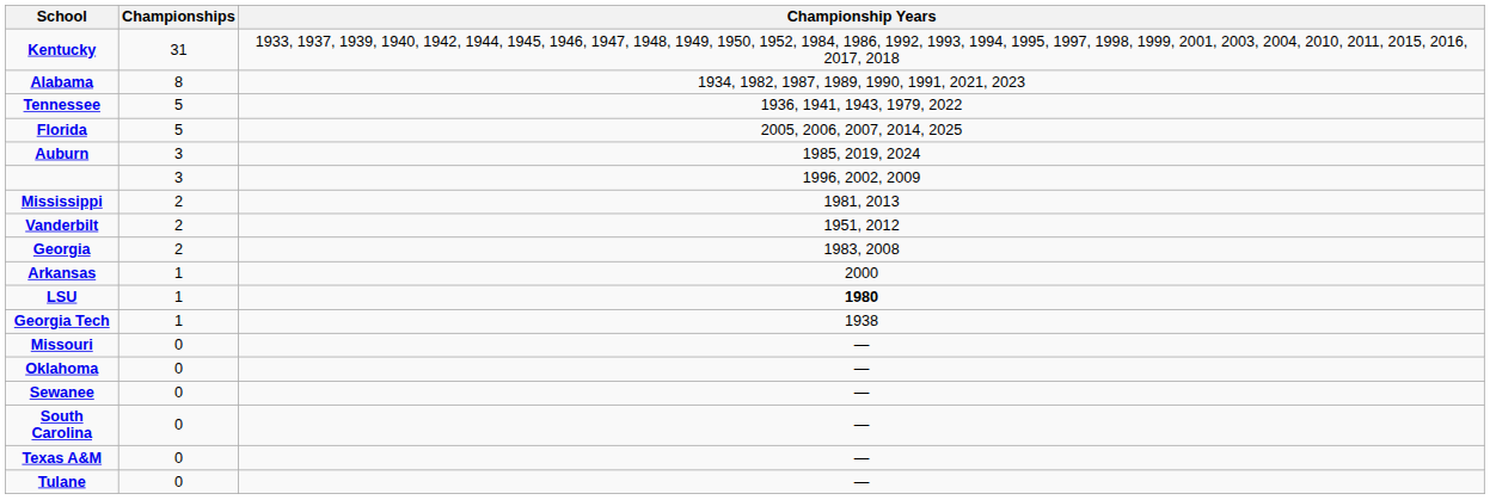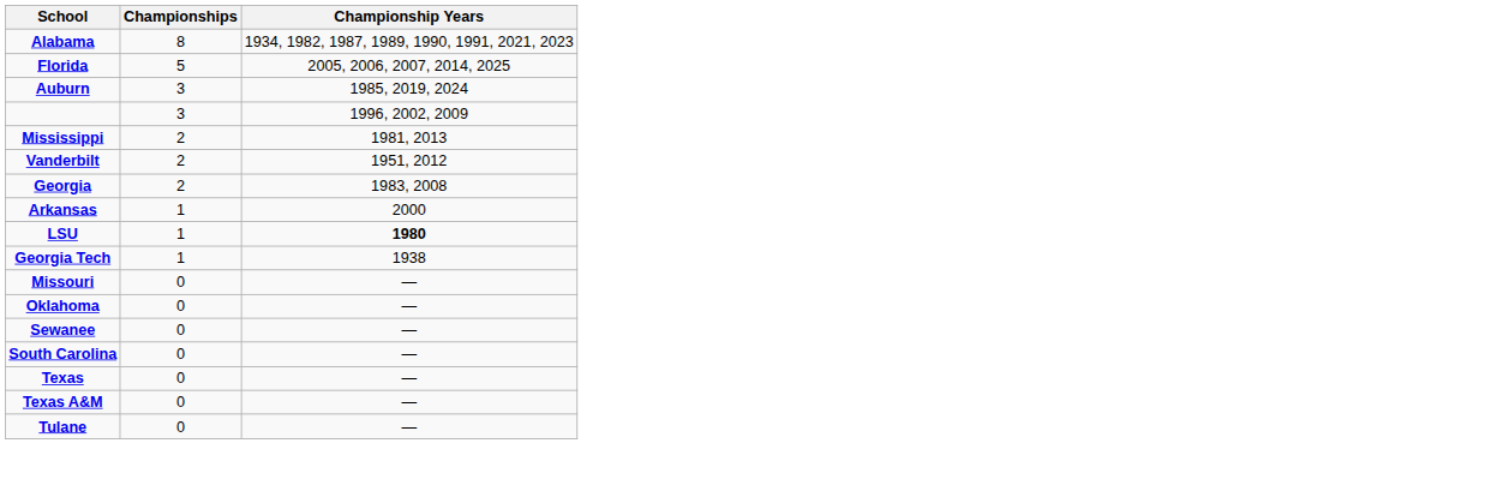 <table class="wikitable sortable" style="text-align:center">
 <tr>
 <th width=px>School</th>
 <th width=px>Championships</th>
 <th width=px>Championship Years</th>
 </tr>
 <tr>
-<td><a href='#'><strong>Kentucky</strong></a></td>
-<td>31</td>
-<td>1933, 1937, 1939, 1940, 1942, 1944, 1945, 1946, 1947, 1948, 1949, 1950, 1952, 1984, 1986, 1992, 1993, 1994, 1995, 1997, 1998, 1999, 2001, 2003, 2004, 2010, 2011, 2015, 2016, 2017, 2018</td>
-</tr>
-<tr>
 <td><a href='#'><strong>Alabama</strong></a></td>
 <td>8</td>
 <td>1934, 1982, 1987, 1989, 1990, 1991, 2021, 2023</td>
-</tr>
-<tr>
-<td><a href='#'><strong>Tennessee</strong></a></td>
-<td>5</td>
-<td>1936, 1941, 1943, 1979, 2022</td>
 </tr>
 <tr>
 <td><a href='#'><strong>Florida</strong></a></td>
 <td>5</td>
 <td>2005, 2006, 2007, 2014, 2025</td>
 </tr>
 <tr>
 <td><a href='#'><strong>Auburn</strong></a></td>
 <td>3</td>
 <td>1985, 2019, 2024</td>
 </tr>
 <tr>
 <td><strong></strong></td>
 <td>3</td>
 <td>1996, 2002, 2009</td>
 </tr>
 <tr>
 <td><a href='#'><strong>Mississippi</strong></a></td>
 <td>2</td>
 <td>1981, 2013</td>
 </tr>
 <tr>
 <td><a href='#'><strong>Vanderbilt</strong></a></td>
 <td>2</td>
 <td>1951, 2012</td>
 </tr>
 <tr>
 <td><a href='#'><strong>Georgia</strong></a></td>
 <td>2</td>
 <td>1983, 2008</td>
 </tr>
 <tr>
 <td><a href='#'><strong>Arkansas</strong></a></td>
 <td>1</td>
 <td>2000</td>
 </tr>
 <tr>
 <td><a href='#'><strong>LSU</strong></a></td>
 <td>1</td>
 <td><strong>1980</strong></td>
 </tr>
 <tr>
 <td><strong><a href='#'>Georgia Tech</a></strong></td>
 <td>1</td>
 <td>1938</td>
 </tr>
 <tr>
 <td><a href='#'><strong>Missouri</strong></a></td>
 <td>0</td>
 <td>—</td>
 </tr>
 <tr>
 <td><a href='#'><strong>Oklahoma</strong></a></td>
 <td>0</td>
 <td>—</td>
 </tr>
 <tr>
 <td><strong><a href='#'>Sewanee</a></strong></td>
 <td>0</td>
 <td>—</td>
 </tr>
 <tr>
 <td><a href='#'><strong>South Carolina</strong></a></td>
 <td>0</td>
 <td>—</td>
 </tr>
 <tr>
+<td><a href='#'><strong>Texas</strong></a></td>
+<td>0</td>
+<td>—</td>
+</tr>
+<tr>
 <td><a href='#'><strong>Texas A&M</strong></a></td>
 <td>0</td>
 <td>—</td>
 </tr>
 <tr>
 <td><strong><a href='#'>Tulane</a></strong></td>
 <td>0</td>
 <td>—</td>
 </tr>
 </table>
